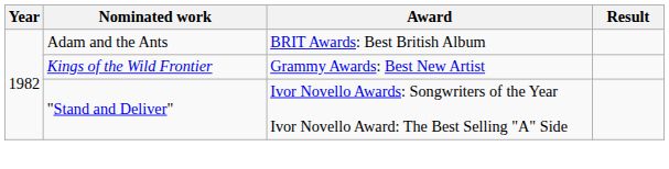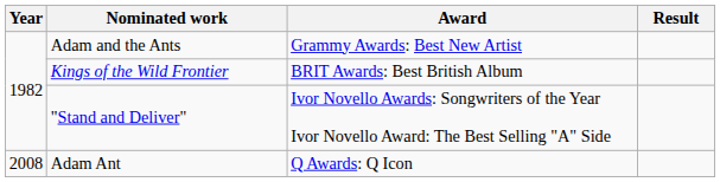 <table class="wikitable">
 <tr>
 <th>Year</th>
 <th style="width:220px;">Nominated work</th>
 <th style="width:325px;">Award</th>
 <th width="65">Result</th>
 </tr>
 <tr>
 <td rowspan="3">1982</td>
 <td>Adam and the Ants</td>
-<td><a href='#'>BRIT Awards</a>: Best British Album</td>
+<td><a href='#'>Grammy Awards</a>: <a href='#'>Best New Artist</a></td>
 <td></td>
 </tr>
 <tr>
 <td><em><a href='#'>Kings of the Wild Frontier</a></em></td>
-<td><a href='#'>Grammy Awards</a>: <a href='#'>Best New Artist</a></td>
+<td><a href='#'>BRIT Awards</a>: Best British Album</td>
 <td></td>
 </tr>
 <tr>
 <td>"<a href='#'>Stand and Deliver</a>"</td>
 <td><a href='#'>Ivor Novello Awards</a>: Songwriters of the Year<br><br> Ivor Novello Award: The Best Selling "A" Side</td>
 <td></td>
 </tr>
+<tr>
+<td>2008</td>
+<td>Adam Ant</td>
+<td><a href='#'>Q Awards</a>: Q Icon</td>
+<td></td>
+</tr>
 </table>
